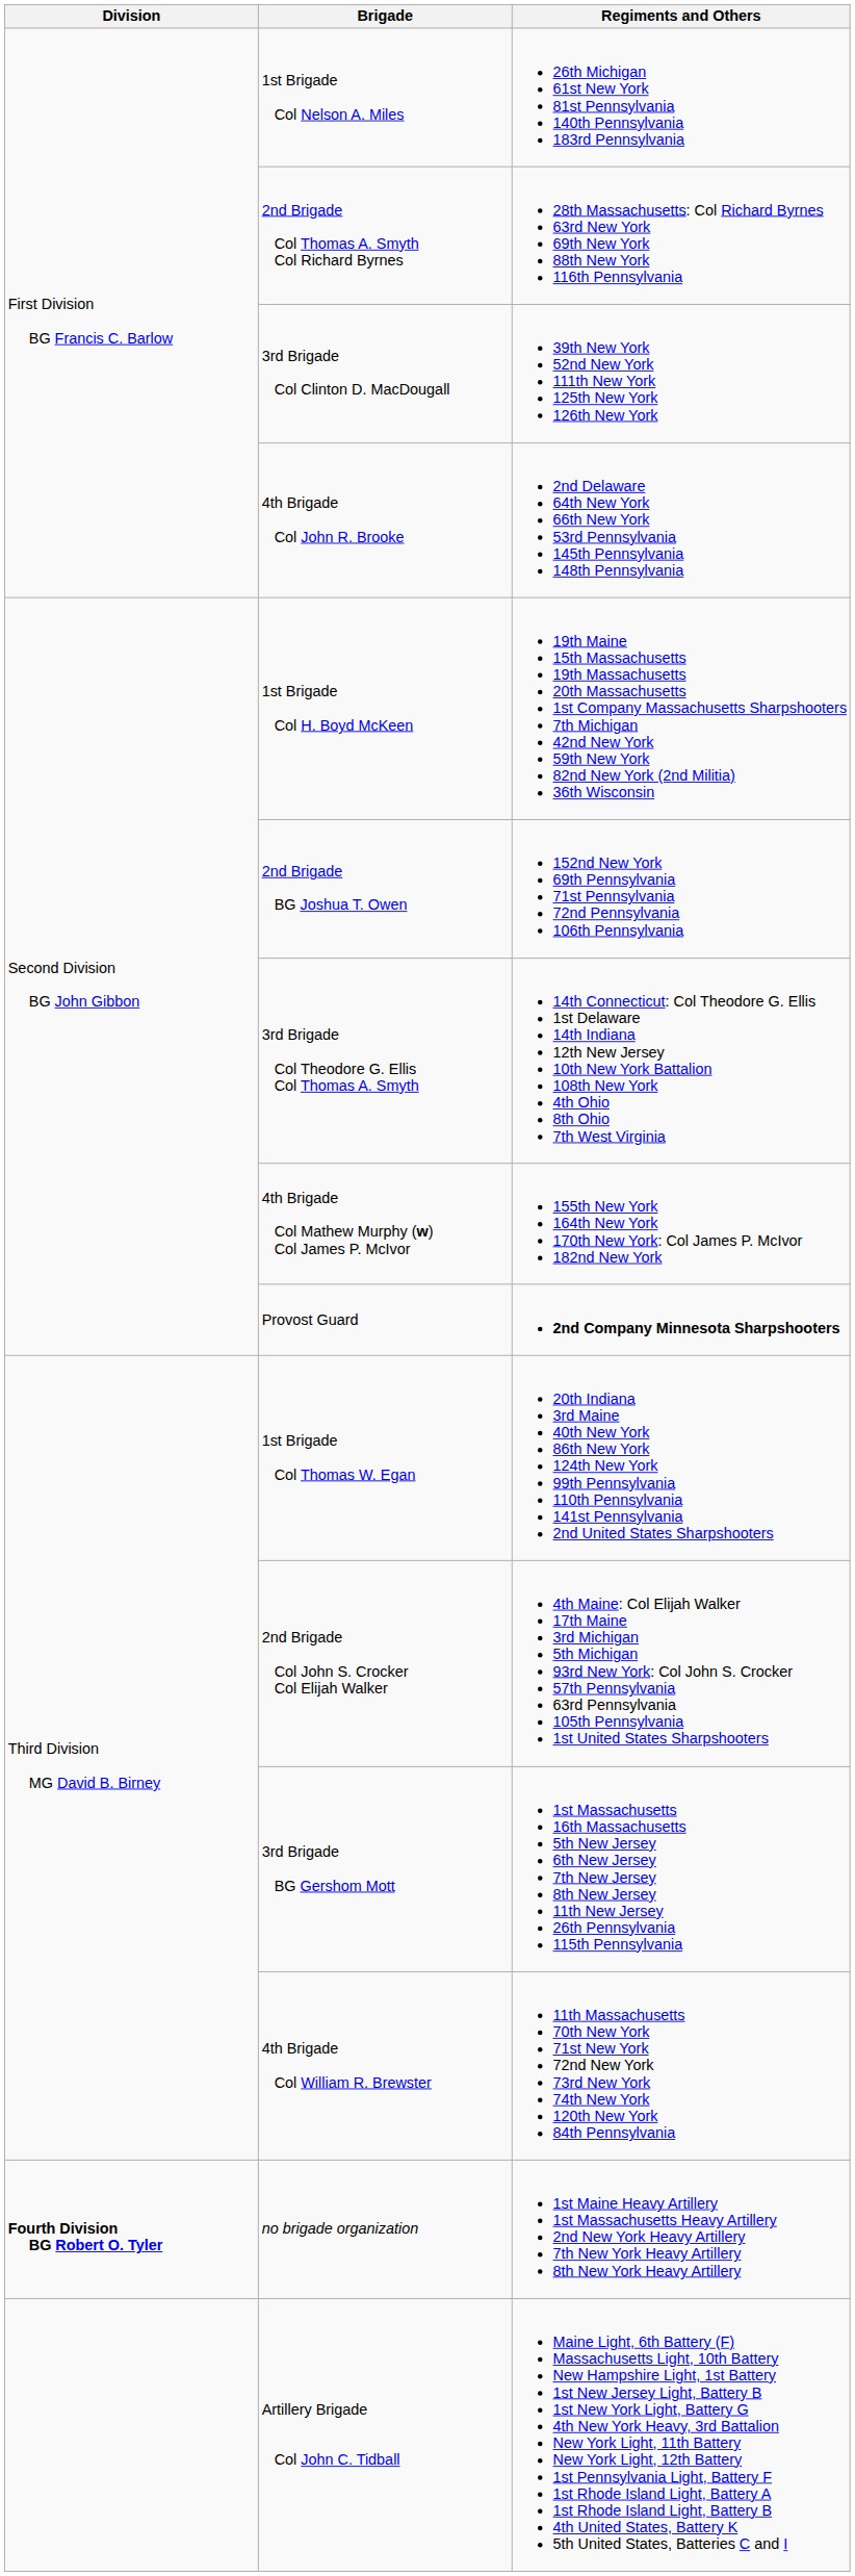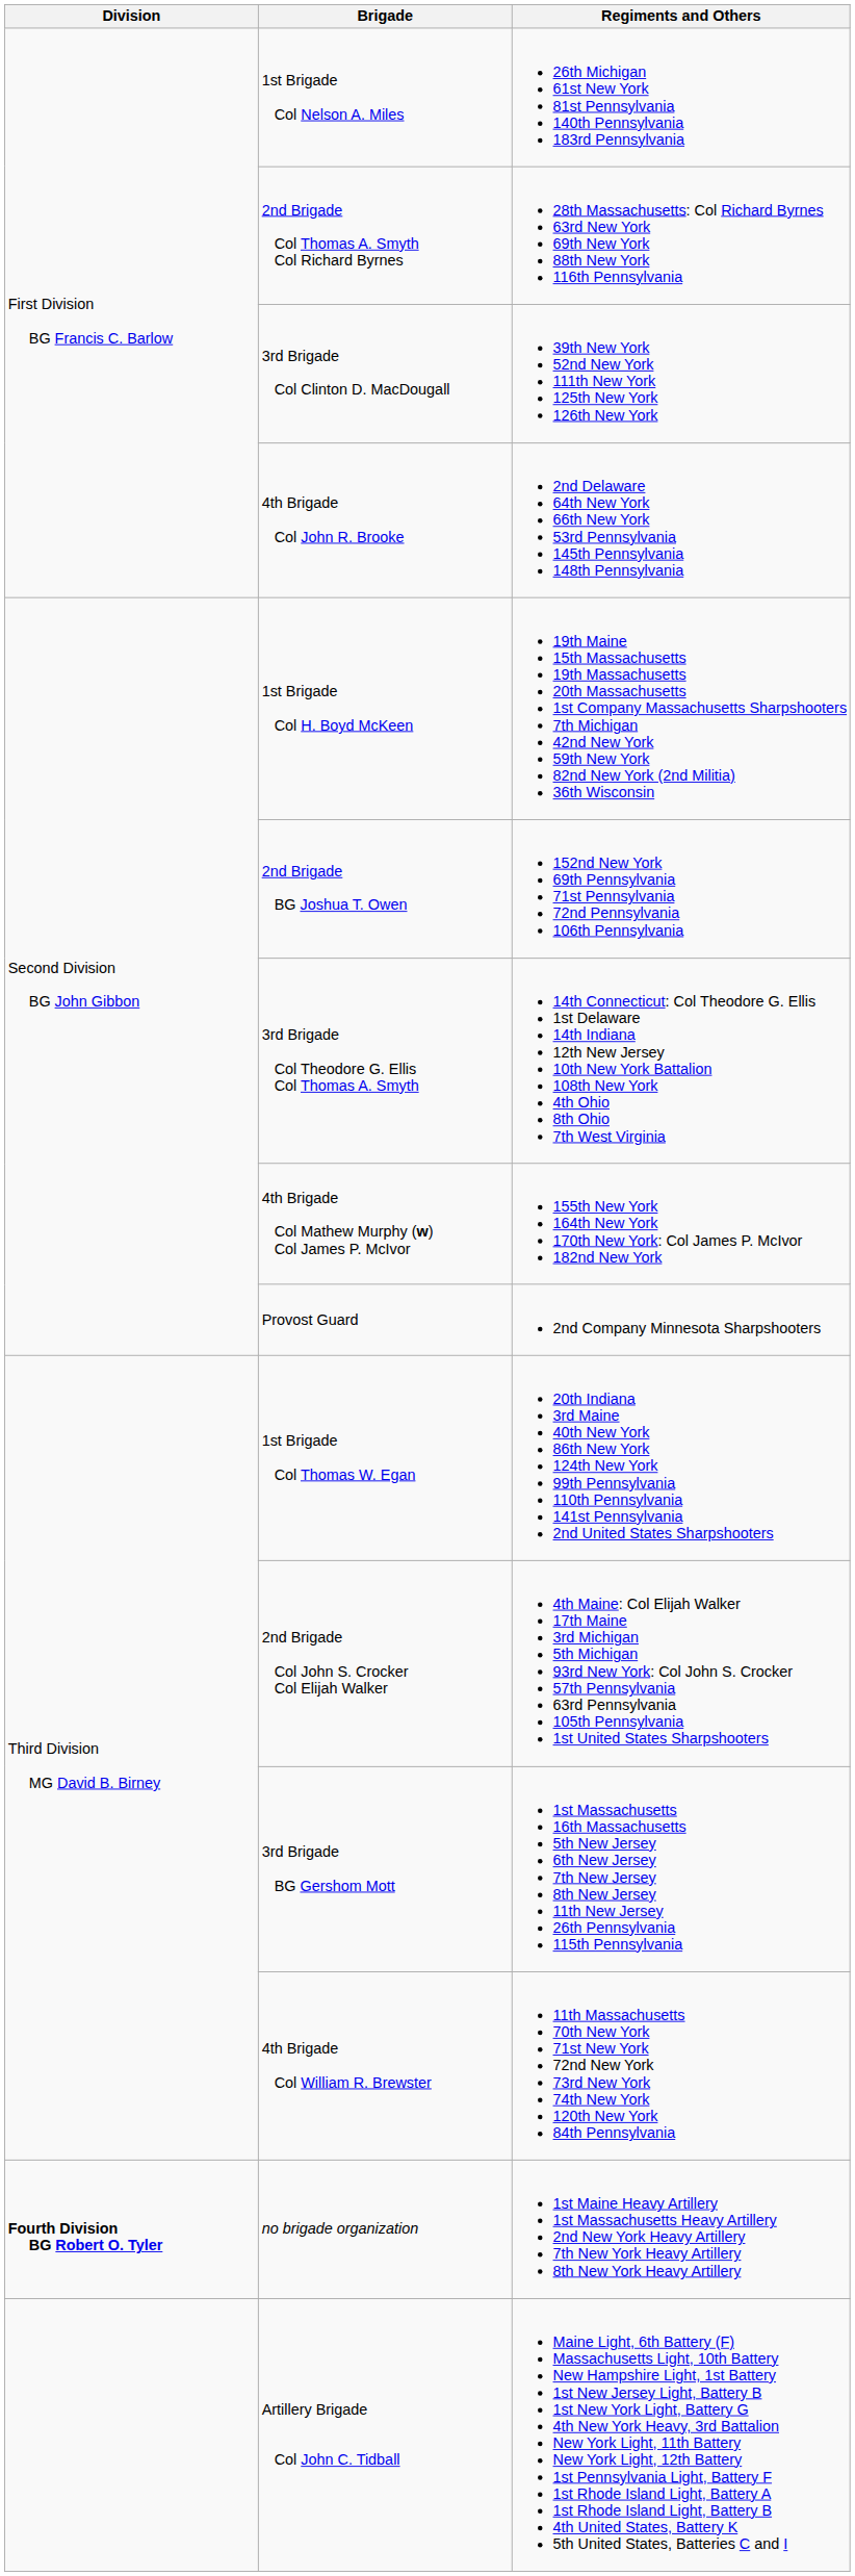 <table class="wikitable">
 <tr>
 <th width=30%>Division</th>
 <th width=30%>Brigade</th>
 <th>Regiments and Others</th>
 </tr>
 <tr>
 <td rowspan=4><br>First Division<br> <br>     BG <a href='#'>Francis C. Barlow</a></td>
 <td>1st Brigade<br><br>   Col <a href='#'>Nelson A. Miles</a></td>
 <td><br><ul><li><a href='#'>26th Michigan</a></li><li><a href='#'>61st New York</a></li><li><a href='#'>81st Pennsylvania</a></li><li><a href='#'>140th Pennsylvania</a></li><li><a href='#'>183rd Pennsylvania</a></li></ul></td>
 </tr>
 <tr>
 <td><a href='#'>2nd Brigade</a><br><br>   Col <a href='#'>Thomas A. Smyth</a> <br>   Col Richard Byrnes</td>
 <td><br><ul><li><a href='#'>28th Massachusetts</a>: Col <a href='#'>Richard Byrnes</a></li><li><a href='#'>63rd New York</a></li><li><a href='#'>69th New York</a></li><li><a href='#'>88th New York</a></li><li><a href='#'>116th Pennsylvania</a></li></ul></td>
 </tr>
 <tr>
 <td>3rd Brigade<br><br>   Col Clinton D. MacDougall</td>
 <td><br><ul><li><a href='#'>39th New York</a></li><li><a href='#'>52nd New York</a></li><li><a href='#'>111th New York</a></li><li><a href='#'>125th New York</a></li><li><a href='#'>126th New York</a></li></ul></td>
 </tr>
 <tr>
 <td>4th Brigade<br><br>   Col <a href='#'>John R. Brooke</a></td>
 <td><br><ul><li><a href='#'>2nd Delaware</a></li><li><a href='#'>64th New York</a></li><li><a href='#'>66th New York</a></li><li><a href='#'>53rd Pennsylvania</a></li><li><a href='#'>145th Pennsylvania</a></li><li><a href='#'>148th Pennsylvania</a></li></ul></td>
 </tr>
 <tr>
 <td rowspan=5><br>Second Division<br> <br>     BG <a href='#'>John Gibbon</a></td>
 <td>1st Brigade<br><br>   Col <a href='#'>H. Boyd McKeen</a></td>
 <td><br><ul><li><a href='#'>19th Maine</a></li><li><a href='#'>15th Massachusetts</a></li><li><a href='#'>19th Massachusetts</a></li><li><a href='#'>20th Massachusetts</a></li><li><a href='#'>1st Company Massachusetts Sharpshooters</a></li><li><a href='#'>7th Michigan</a></li><li><a href='#'>42nd New York</a></li><li><a href='#'>59th New York</a></li><li><a href='#'>82nd New York (2nd Militia)</a></li><li><a href='#'>36th Wisconsin</a></li></ul></td>
 </tr>
 <tr>
 <td><a href='#'>2nd Brigade</a><br><br>   BG <a href='#'>Joshua T. Owen</a></td>
 <td><br><ul><li><a href='#'>152nd New York</a></li><li><a href='#'>69th Pennsylvania</a></li><li><a href='#'>71st Pennsylvania</a></li><li><a href='#'>72nd Pennsylvania</a></li><li><a href='#'>106th Pennsylvania</a></li></ul></td>
 </tr>
 <tr>
 <td>3rd Brigade<br><br>   Col Theodore G. Ellis <br>   Col <a href='#'>Thomas A. Smyth</a></td>
 <td><br><ul><li><a href='#'>14th Connecticut</a>: Col Theodore G. Ellis</li><li>1st Delaware</li><li><a href='#'>14th Indiana</a></li><li>12th New Jersey</li><li><a href='#'>10th New York Battalion</a></li><li><a href='#'>108th New York</a></li><li><a href='#'>4th Ohio</a></li><li><a href='#'>8th Ohio</a></li><li><a href='#'>7th West Virginia</a></li></ul></td>
 </tr>
 <tr>
 <td>4th Brigade<br><br>   Col Mathew Murphy (<strong>w</strong>) <br>   Col James P. McIvor</td>
 <td><br><ul><li><a href='#'>155th New York</a></li><li><a href='#'>164th New York</a></li><li><a href='#'>170th New York</a>: Col James P. McIvor</li><li><a href='#'>182nd New York</a></li></ul></td>
 </tr>
 <tr>
 <td>Provost Guard</td>
-<td><strong><br><ul><li>2nd Company Minnesota Sharpshooters</li></ul></strong></td>
+<td><br><ul><li>2nd Company Minnesota Sharpshooters</li></ul></td>
 </tr>
 <tr>
 <td rowspan=4><br>Third Division<br> <br>     MG <a href='#'>David B. Birney</a></td>
 <td>1st Brigade<br><br>   Col <a href='#'>Thomas W. Egan</a></td>
 <td><br><ul><li><a href='#'>20th Indiana</a></li><li><a href='#'>3rd Maine</a></li><li><a href='#'>40th New York</a></li><li><a href='#'>86th New York</a></li><li><a href='#'>124th New York</a></li><li><a href='#'>99th Pennsylvania</a></li><li><a href='#'>110th Pennsylvania</a></li><li><a href='#'>141st Pennsylvania</a></li><li><a href='#'>2nd United States Sharpshooters</a></li></ul></td>
 </tr>
 <tr>
 <td>2nd Brigade<br><br>   Col John S. Crocker <br>   Col Elijah Walker</td>
 <td><br><ul><li><a href='#'>4th Maine</a>: Col Elijah Walker</li><li><a href='#'>17th Maine</a></li><li><a href='#'>3rd Michigan</a></li><li><a href='#'>5th Michigan</a></li><li><a href='#'>93rd New York</a>: Col John S. Crocker</li><li><a href='#'>57th Pennsylvania</a></li><li>63rd Pennsylvania</li><li><a href='#'>105th Pennsylvania</a></li><li><a href='#'>1st United States Sharpshooters</a></li></ul></td>
 </tr>
 <tr>
 <td>3rd Brigade<br><br>   BG <a href='#'>Gershom Mott</a></td>
 <td><br><ul><li><a href='#'>1st Massachusetts</a></li><li><a href='#'>16th Massachusetts</a></li><li><a href='#'>5th New Jersey</a></li><li><a href='#'>6th New Jersey</a></li><li><a href='#'>7th New Jersey</a></li><li><a href='#'>8th New Jersey</a></li><li><a href='#'>11th New Jersey</a></li><li><a href='#'>26th Pennsylvania</a></li><li><a href='#'>115th Pennsylvania</a></li></ul></td>
 </tr>
 <tr>
 <td>4th Brigade<br><br>   Col <a href='#'>William R. Brewster</a></td>
 <td><br><ul><li><a href='#'>11th Massachusetts</a></li><li><a href='#'>70th New York</a></li><li><a href='#'>71st New York</a></li><li>72nd New York</li><li><a href='#'>73rd New York</a></li><li><a href='#'>74th New York</a></li><li><a href='#'>120th New York</a></li><li><a href='#'>84th Pennsylvania</a></li></ul></td>
 </tr>
 <tr>
 <td rowspan=1><strong><br>Fourth Division <br>     BG <a href='#'>Robert O. Tyler</a></strong></td>
 <td><em>no brigade organization</em></td>
 <td><br><ul><li><a href='#'>1st Maine Heavy Artillery</a></li><li><a href='#'>1st Massachusetts Heavy Artillery</a></li><li><a href='#'>2nd New York Heavy Artillery</a></li><li><a href='#'>7th New York Heavy Artillery</a></li><li><a href='#'>8th New York Heavy Artillery</a></li></ul></td>
 </tr>
 <tr>
 <td></td>
 <td>Artillery Brigade<br><br><br>   Col <a href='#'>John C. Tidball</a></td>
 <td><br><ul><li><a href='#'>Maine Light, 6th Battery (F)</a></li><li><a href='#'>Massachusetts Light, 10th Battery</a></li><li><a href='#'>New Hampshire Light, 1st Battery</a></li><li><a href='#'>1st New Jersey Light, Battery B</a></li><li><a href='#'>1st New York Light, Battery G</a></li><li><a href='#'>4th New York Heavy, 3rd Battalion</a></li><li><a href='#'>New York Light, 11th Battery</a></li><li><a href='#'>New York Light, 12th Battery</a></li><li><a href='#'>1st Pennsylvania Light, Battery F</a></li><li><a href='#'>1st Rhode Island Light, Battery A</a></li><li><a href='#'>1st Rhode Island Light, Battery B</a></li><li><a href='#'>4th United States, Battery K</a></li><li>5th United States, Batteries <a href='#'>C</a> and <a href='#'>I</a></li></ul></td>
 </tr>
 </table>
